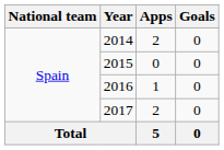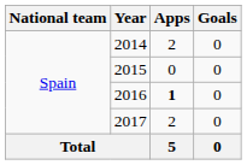 <table class="wikitable" style="text-align:center">
 <tr>
 <th>National team</th>
 <th>Year</th>
 <th>Apps</th>
 <th>Goals</th>
 </tr>
 <tr>
 <td rowspan="4"><a href='#'>Spain</a></td>
 <td>2014</td>
 <td>2</td>
 <td>0</td>
 </tr>
 <tr>
 <td>2015</td>
 <td>0</td>
 <td>0</td>
 </tr>
 <tr>
 <td>2016</td>
-<td>1</td>
+<td><strong>1</strong></td>
 <td>0</td>
 </tr>
 <tr>
 <td>2017</td>
 <td>2</td>
 <td>0</td>
 </tr>
 <tr>
 <th colspan="2">Total</th>
 <th>5</th>
 <th>0</th>
 </tr>
 </table>
